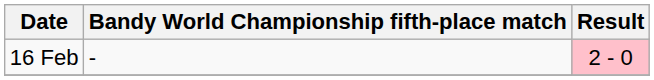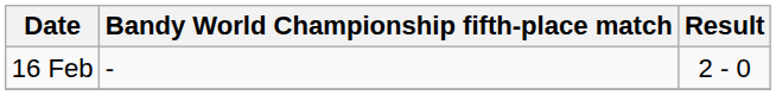 <table class="wikitable" style="text-align:center;">
 <tr>
 <th>Date</th>
 <th>Bandy World Championship fifth-place match</th>
 <th>Result</th>
 </tr>
 <tr>
 <td>16 Feb</td>
 <td align="left"><strong></strong>  - </td>
-<td style="background: pink;">2 - 0</td>
+<td>2 - 0</td>
 </tr>
 <tr>
 </tr>
 </table>
